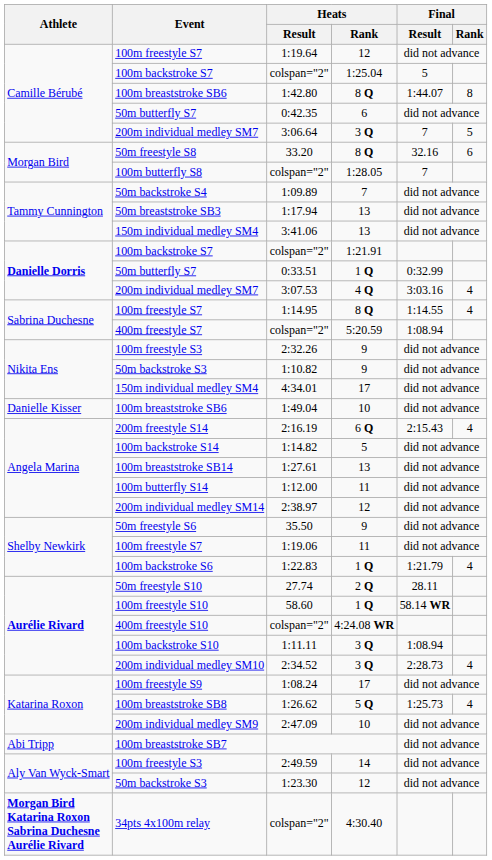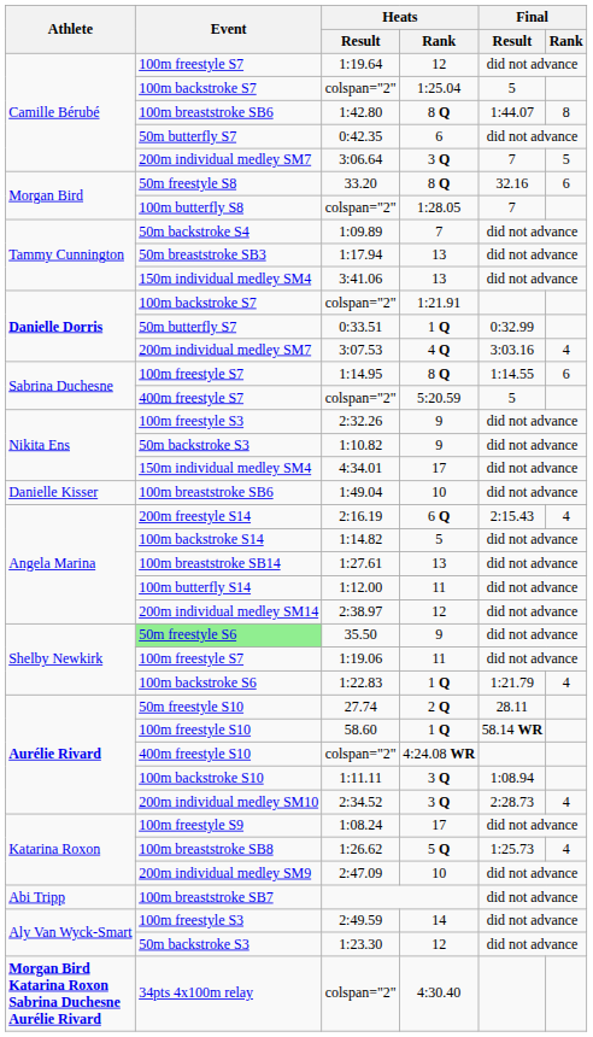 <table class=wikitable style="font-size:90%">
 <tr>
 <th rowspan="2">Athlete</th>
 <th rowspan="2">Event</th>
 <th colspan="2">Heats</th>
 <th colspan="2">Final</th>
 </tr>
 <tr>
 <th>Result</th>
 <th>Rank</th>
 <th>Result</th>
 <th>Rank</th>
 </tr>
 <tr align=center>
 <td rowspan=5 align=left><a href='#'>Camille Bérubé</a></td>
 <td align=left><a href='#'>100m freestyle S7</a></td>
 <td>1:19.64</td>
 <td>12</td>
 <td colspan="2">did not advance</td>
 </tr>
 <tr align=center>
 <td align=left><a href='#'>100m backstroke S7</a></td>
 <td>colspan="2" </td>
 <td>1:25.04</td>
 <td>5</td>
 </tr>
 <tr align=center>
 <td align=left><a href='#'>100m breaststroke SB6</a></td>
 <td>1:42.80</td>
 <td>8 <strong>Q</strong></td>
 <td>1:44.07</td>
 <td>8</td>
 </tr>
 <tr align=center>
 <td align=left><a href='#'>50m butterfly S7</a></td>
 <td>0:42.35</td>
 <td>6</td>
 <td colspan="2">did not advance</td>
 </tr>
 <tr align=center>
 <td align=left><a href='#'>200m individual medley SM7</a></td>
 <td>3:06.64</td>
 <td>3 <strong>Q</strong></td>
 <td>7</td>
 <td>5</td>
 </tr>
 <tr align=center>
 <td rowspan=2 align=left><a href='#'>Morgan Bird</a></td>
 <td align=left><a href='#'>50m freestyle S8</a></td>
 <td>33.20</td>
 <td>8 <strong>Q</strong></td>
 <td>32.16</td>
 <td>6</td>
 </tr>
 <tr align=center>
 <td align=left><a href='#'>100m butterfly S8</a></td>
 <td>colspan="2" </td>
 <td>1:28.05</td>
 <td>7</td>
 </tr>
 <tr align=center>
 <td rowspan=3 align=left><a href='#'>Tammy Cunnington</a></td>
 <td align=left><a href='#'>50m backstroke S4</a></td>
 <td>1:09.89</td>
 <td>7</td>
 <td colspan="2">did not advance</td>
 </tr>
 <tr align=center>
 <td align=left><a href='#'>50m breaststroke SB3</a></td>
 <td>1:17.94</td>
 <td>13</td>
 <td colspan="2">did not advance</td>
 </tr>
 <tr align=center>
 <td align=left><a href='#'>150m individual medley SM4</a></td>
 <td>3:41.06</td>
 <td>13</td>
 <td colspan="2">did not advance</td>
 </tr>
 <tr align=center>
 <td rowspan=3 align=left><strong><a href='#'>Danielle Dorris</a></strong></td>
 <td align=left><a href='#'>100m backstroke S7</a></td>
 <td>colspan="2" </td>
 <td>1:21.91</td>
 <td></td>
 </tr>
 <tr align=center>
 <td align=left><a href='#'>50m butterfly S7</a></td>
 <td>0:33.51</td>
 <td>1 <strong>Q</strong></td>
 <td>0:32.99</td>
 <td></td>
 </tr>
 <tr align=center>
 <td align=left><a href='#'>200m individual medley SM7</a></td>
 <td>3:07.53</td>
 <td>4 <strong>Q</strong></td>
 <td>3:03.16</td>
 <td>4</td>
 </tr>
 <tr align=center>
 <td rowspan=2 align=left><a href='#'>Sabrina Duchesne</a></td>
 <td align=left><a href='#'>100m freestyle S7</a></td>
 <td>1:14.95</td>
 <td>8 <strong>Q</strong></td>
 <td>1:14.55</td>
-<td>4</td>
+<td>6</td>
 </tr>
 <tr align=center>
 <td align=left><a href='#'>400m freestyle S7</a></td>
 <td>colspan="2" </td>
 <td>5:20.59</td>
-<td>1:08.94</td>
+<td>5</td>
 </tr>
 <tr align=center>
 <td rowspan=3 align=left><a href='#'>Nikita Ens</a></td>
 <td align=left><a href='#'>100m freestyle S3</a></td>
 <td>2:32.26</td>
 <td>9</td>
 <td colspan="2">did not advance</td>
 </tr>
 <tr align=center>
 <td align=left><a href='#'>50m backstroke S3</a></td>
 <td>1:10.82</td>
 <td>9</td>
 <td colspan="2">did not advance</td>
 </tr>
 <tr align=center>
 <td align=left><a href='#'>150m individual medley SM4</a></td>
 <td>4:34.01</td>
 <td>17</td>
 <td colspan="2">did not advance</td>
 </tr>
 <tr align=center>
 <td align=left><a href='#'>Danielle Kisser</a></td>
 <td align=left><a href='#'>100m breaststroke SB6</a></td>
 <td>1:49.04</td>
 <td>10</td>
 <td colspan="2">did not advance</td>
 </tr>
 <tr align=center>
 <td rowspan=5 align=left><a href='#'>Angela Marina</a></td>
 <td align=left><a href='#'>200m freestyle S14</a></td>
 <td>2:16.19</td>
 <td>6 <strong>Q</strong></td>
 <td>2:15.43</td>
 <td>4</td>
 </tr>
 <tr align=center>
 <td align=left><a href='#'>100m backstroke S14</a></td>
 <td>1:14.82</td>
 <td>5</td>
 <td colspan="2">did not advance</td>
 </tr>
 <tr align=center>
 <td align=left><a href='#'>100m breaststroke SB14</a></td>
 <td>1:27.61</td>
 <td>13</td>
 <td colspan="2">did not advance</td>
 </tr>
 <tr align=center>
 <td align=left><a href='#'>100m butterfly S14</a></td>
 <td>1:12.00</td>
 <td>11</td>
 <td colspan="2">did not advance</td>
 </tr>
 <tr align=center>
 <td align=left><a href='#'>200m individual medley SM14</a></td>
 <td>2:38.97</td>
 <td>12</td>
 <td colspan="2">did not advance</td>
 </tr>
 <tr align=center>
 <td rowspan=3 align=left><a href='#'>Shelby Newkirk</a></td>
-<td align=left><a href='#'>50m freestyle S6</a></td>
+<td align=left style="background: lightgreen;"><a href='#'>50m freestyle S6</a></td>
 <td>35.50</td>
 <td>9</td>
 <td colspan="2">did not advance</td>
 </tr>
 <tr align=center>
 <td align=left><a href='#'>100m freestyle S7</a></td>
 <td>1:19.06</td>
 <td>11</td>
 <td colspan="2">did not advance</td>
 </tr>
 <tr align=center>
 <td align=left><a href='#'>100m backstroke S6</a></td>
 <td>1:22.83</td>
 <td>1 <strong>Q</strong></td>
 <td>1:21.79</td>
 <td>4</td>
 </tr>
 <tr align=center>
 <td rowspan=5 align=left><strong><a href='#'>Aurélie Rivard</a></strong></td>
 <td align=left><a href='#'>50m freestyle S10</a></td>
 <td>27.74</td>
 <td>2 <strong>Q</strong></td>
 <td>28.11</td>
 <td></td>
 </tr>
 <tr align=center>
 <td align=left><a href='#'>100m freestyle S10</a></td>
 <td>58.60</td>
 <td>1 <strong>Q</strong></td>
 <td>58.14 <strong>WR</strong></td>
 <td></td>
 </tr>
 <tr align=center>
 <td align=left><a href='#'>400m freestyle S10</a></td>
 <td>colspan="2" </td>
 <td>4:24.08 <strong>WR</strong></td>
 <td></td>
 </tr>
 <tr align=center>
 <td align=left><a href='#'>100m backstroke S10</a></td>
 <td>1:11.11</td>
 <td>3 <strong>Q</strong></td>
 <td>1:08.94</td>
 <td></td>
 </tr>
 <tr align=center>
 <td align=left><a href='#'>200m individual medley SM10</a></td>
 <td>2:34.52</td>
 <td>3 <strong>Q</strong></td>
 <td>2:28.73</td>
 <td>4</td>
 </tr>
 <tr align=center>
 <td rowspan=3 align=left><a href='#'>Katarina Roxon</a></td>
 <td align=left><a href='#'>100m freestyle S9</a></td>
 <td>1:08.24</td>
 <td>17</td>
 <td colspan="2">did not advance</td>
 </tr>
 <tr align=center>
 <td align=left><a href='#'>100m breaststroke SB8</a></td>
 <td>1:26.62</td>
 <td>5 <strong>Q</strong></td>
 <td>1:25.73</td>
 <td>4</td>
 </tr>
 <tr align=center>
 <td align=left><a href='#'>200m individual medley SM9</a></td>
 <td>2:47.09</td>
 <td>10</td>
 <td colspan="2">did not advance</td>
 </tr>
 <tr align=center>
 <td align=left><a href='#'>Abi Tripp</a></td>
 <td align=left><a href='#'>100m breaststroke SB7</a></td>
 <td colspan="2"></td>
 <td colspan="2">did not advance</td>
 </tr>
 <tr align=center>
 <td rowspan=2 align=left><a href='#'>Aly Van Wyck-Smart</a></td>
 <td align=left><a href='#'>100m freestyle S3</a></td>
 <td>2:49.59</td>
 <td>14</td>
 <td colspan="2">did not advance</td>
 </tr>
 <tr align=center>
 <td align=left><a href='#'>50m backstroke S3</a></td>
 <td>1:23.30</td>
 <td>12</td>
 <td colspan="2">did not advance</td>
 </tr>
 <tr align=center>
 <td align=left><strong><a href='#'>Morgan Bird</a></strong><br><strong><a href='#'>Katarina Roxon</a></strong><br><strong><a href='#'>Sabrina Duchesne</a></strong><br><strong><a href='#'>Aurélie Rivard</a></strong></td>
 <td align=left><a href='#'>34pts 4x100m relay</a></td>
 <td>colspan="2" </td>
 <td>4:30.40</td>
 <td></td>
 </tr>
 </table>
